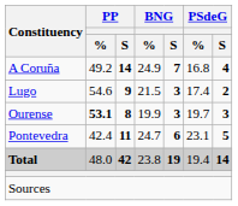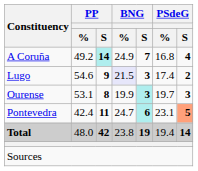 <table class="wikitable sortable" style="text-align:right; line-height:20px;">
 <tr>
 <th rowspan="3">Constituency</th>
 <th colspan="2" width="30px" class="unsortable"><a href='#'>PP</a></th>
 <th colspan="2" width="30px" class="unsortable"><a href='#'>BNG</a></th>
 <th colspan="2" width="30px" class="unsortable"><a href='#'>PSdeG</a></th>
 </tr>
 <tr>
 <th colspan="2" style="background:"></th>
 <th colspan="2" style="background:"></th>
 <th colspan="2" style="background:"></th>
 </tr>
 <tr>
 <th data-sort-type="number">%</th>
 <th data-sort-type="number">S</th>
 <th data-sort-type="number">%</th>
 <th data-sort-type="number">S</th>
 <th data-sort-type="number">%</th>
 <th data-sort-type="number">S</th>
 </tr>
 <tr>
 <td align="left"><a href='#'>A Coruña</a></td>
 <td style="background:">49.2</td>
-<td><strong>14</strong></td>
+<td style="background: paleturquoise;"><strong>14</strong></td>
 <td>24.9</td>
 <td><strong>7</strong></td>
 <td>16.8</td>
 <td><strong>4</strong></td>
 </tr>
 <tr>
 <td align="left"><a href='#'>Lugo</a></td>
 <td style="background:">54.6</td>
 <td><strong>9</strong></td>
-<td>21.5</td>
+<td style="background: lavender;">21.5</td>
 <td><strong>3</strong></td>
 <td>17.4</td>
 <td><strong>2</strong></td>
 </tr>
 <tr>
 <td align="left"><a href='#'>Ourense</a></td>
-<td style="background:"><strong>53.1</strong></td>
+<td style="background:">53.1</td>
 <td><strong>8</strong></td>
 <td>19.9</td>
-<td><strong>3</strong></td>
+<td style="background: paleturquoise;"><strong>3</strong></td>
 <td>19.7</td>
 <td><strong>3</strong></td>
 </tr>
 <tr>
 <td align="left"><a href='#'>Pontevedra</a></td>
 <td style="background:">42.4</td>
 <td><strong>11</strong></td>
 <td>24.7</td>
-<td><strong>6</strong></td>
+<td style="background: paleturquoise;"><strong>6</strong></td>
 <td>23.1</td>
-<td><strong>5</strong></td>
+<td style="background: lightsalmon;"><strong>5</strong></td>
 </tr>
 <tr style="background:#CDCDCD;">
 <td align="left"><strong>Total</strong></td>
 <td style="background:">48.0</td>
 <td><strong>42</strong></td>
 <td>23.8</td>
 <td><strong>19</strong></td>
 <td>19.4</td>
 <td><strong>14</strong></td>
 </tr>
 <tr>
 <th colspan="7"></th>
 </tr>
 <tr>
 <th style="text-align:left; font-weight:normal; background:#F9F9F9" colspan="7">Sources</th>
 </tr>
 </table>
